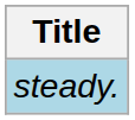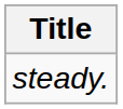 <table class="wikitable">
 <tr>
 <th>Title</th>
 </tr>
 <tr>
-<td style="background: lightblue;"><em>steady.</em></td>
+<td><em>steady.</em></td>
 </tr>
 </table>
